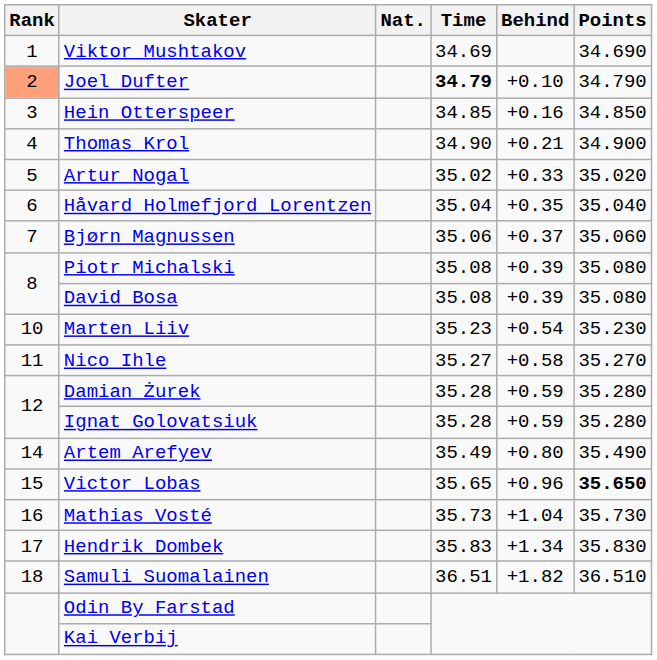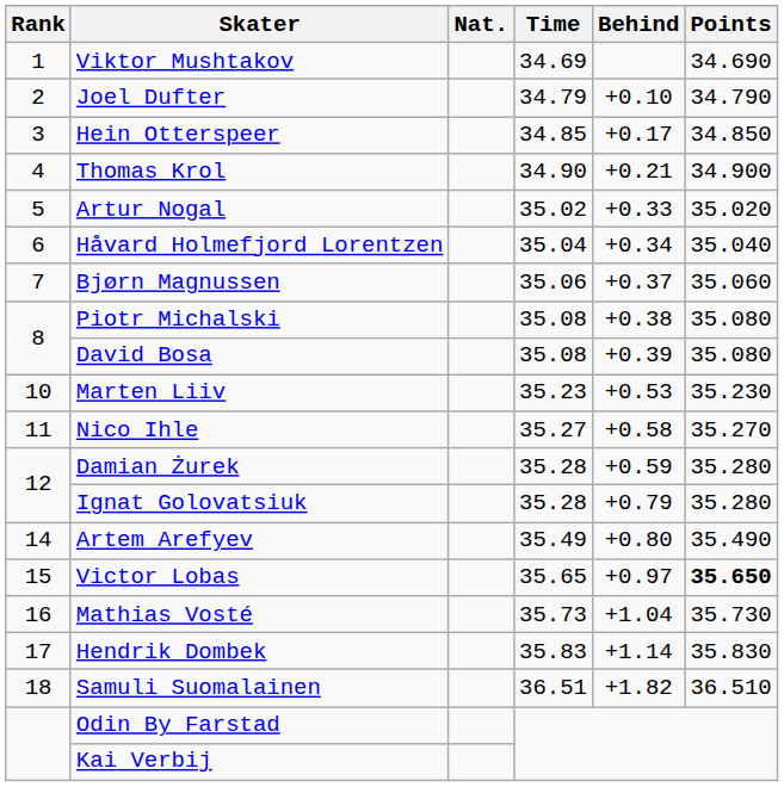 <table class="wikitable sortable" style="text-align:center">
 <tr>
 <th>Rank</th>
 <th>Skater</th>
 <th>Nat.</th>
 <th>Time</th>
 <th>Behind</th>
 <th>Points</th>
 </tr>
 <tr>
 <td>1</td>
 <td align=left><a href='#'>Viktor Mushtakov</a></td>
 <td></td>
 <td>34.69</td>
 <td></td>
 <td>34.690</td>
 </tr>
 <tr>
-<td style="background: lightsalmon;">2</td>
+<td>2</td>
 <td align=left><a href='#'>Joel Dufter</a></td>
 <td></td>
-<td><strong>34.79</strong></td>
+<td>34.79</td>
 <td>+0.10</td>
 <td>34.790</td>
 </tr>
 <tr>
 <td>3</td>
 <td align=left><a href='#'>Hein Otterspeer</a></td>
 <td></td>
 <td>34.85</td>
-<td>+0.16</td>
+<td>+0.17</td>
 <td>34.850</td>
 </tr>
 <tr>
 <td>4</td>
 <td align=left><a href='#'>Thomas Krol</a></td>
 <td></td>
 <td>34.90</td>
 <td>+0.21</td>
 <td>34.900</td>
 </tr>
 <tr>
 <td>5</td>
 <td align=left><a href='#'>Artur Nogal</a></td>
 <td></td>
 <td>35.02</td>
 <td>+0.33</td>
 <td>35.020</td>
 </tr>
 <tr>
 <td>6</td>
 <td align=left><a href='#'>Håvard Holmefjord Lorentzen</a></td>
 <td></td>
 <td>35.04</td>
-<td>+0.35</td>
+<td>+0.34</td>
 <td>35.040</td>
 </tr>
 <tr>
 <td>7</td>
 <td align=left><a href='#'>Bjørn Magnussen</a></td>
 <td></td>
 <td>35.06</td>
 <td>+0.37</td>
 <td>35.060</td>
 </tr>
 <tr>
 <td rowspan=2>8</td>
 <td align=left><a href='#'>Piotr Michalski</a></td>
 <td></td>
 <td>35.08</td>
-<td>+0.39</td>
+<td>+0.38</td>
 <td>35.080</td>
 </tr>
 <tr>
 <td align=left><a href='#'>David Bosa</a></td>
 <td></td>
 <td>35.08</td>
 <td>+0.39</td>
 <td>35.080</td>
 </tr>
 <tr>
 <td>10</td>
 <td align=left><a href='#'>Marten Liiv</a></td>
 <td></td>
 <td>35.23</td>
-<td>+0.54</td>
+<td>+0.53</td>
 <td>35.230</td>
 </tr>
 <tr>
 <td>11</td>
 <td align=left><a href='#'>Nico Ihle</a></td>
 <td></td>
 <td>35.27</td>
 <td>+0.58</td>
 <td>35.270</td>
 </tr>
 <tr>
 <td rowspan="2">12</td>
 <td align=left><a href='#'>Damian Żurek</a></td>
 <td></td>
 <td>35.28</td>
 <td>+0.59</td>
 <td>35.280</td>
 </tr>
 <tr>
 <td align=left><a href='#'>Ignat Golovatsiuk</a></td>
 <td></td>
 <td>35.28</td>
-<td>+0.59</td>
+<td>+0.79</td>
 <td>35.280</td>
 </tr>
 <tr>
 <td>14</td>
 <td align=left><a href='#'>Artem Arefyev</a></td>
 <td></td>
 <td>35.49</td>
 <td>+0.80</td>
 <td>35.490</td>
 </tr>
 <tr>
 <td>15</td>
 <td align="left"><a href='#'>Victor Lobas</a></td>
 <td></td>
 <td>35.65</td>
-<td>+0.96</td>
+<td>+0.97</td>
 <td><strong>35.650</strong></td>
 </tr>
 <tr>
 <td>16</td>
 <td align=left><a href='#'>Mathias Vosté</a></td>
 <td></td>
 <td>35.73</td>
 <td>+1.04</td>
 <td>35.730</td>
 </tr>
 <tr>
 <td>17</td>
 <td align=left><a href='#'>Hendrik Dombek</a></td>
 <td></td>
 <td>35.83</td>
-<td>+1.34</td>
+<td>+1.14</td>
 <td>35.830</td>
 </tr>
 <tr>
 <td>18</td>
 <td align=left><a href='#'>Samuli Suomalainen</a></td>
 <td></td>
 <td>36.51</td>
 <td>+1.82</td>
 <td>36.510</td>
 </tr>
 <tr>
 <td rowspan=2></td>
 <td align=left><a href='#'>Odin By Farstad</a></td>
 <td></td>
 <td rowspan=2 colspan=3></td>
 </tr>
 <tr>
 <td align=left><a href='#'>Kai Verbij</a></td>
 <td></td>
 </tr>
 </table>
